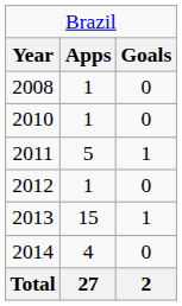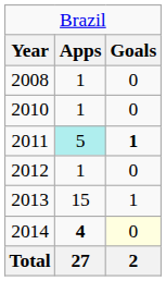 <table class="wikitable" style="text-align:center">
 <tr>
 <td colspan="4"><a href='#'>Brazil</a></td>
 </tr>
 <tr>
 <th>Year</th>
 <th>Apps</th>
 <th>Goals</th>
 </tr>
 <tr>
 <td>2008</td>
 <td>1</td>
 <td>0</td>
 </tr>
 <tr>
 <td>2010</td>
 <td>1</td>
 <td>0</td>
 </tr>
 <tr>
 <td>2011</td>
-<td>5</td>
-<td>1</td>
+<td style="background: paleturquoise;">5</td>
+<td><strong>1</strong></td>
 </tr>
 <tr>
 <td>2012</td>
 <td>1</td>
 <td>0</td>
 </tr>
 <tr>
 <td>2013</td>
 <td>15</td>
 <td>1</td>
 </tr>
 <tr>
 <td>2014</td>
-<td>4</td>
-<td>0</td>
+<td><strong>4</strong></td>
+<td style="background: lightyellow;">0</td>
 </tr>
 <tr>
 <th>Total</th>
 <th>27</th>
 <th>2</th>
 </tr>
 </table>
